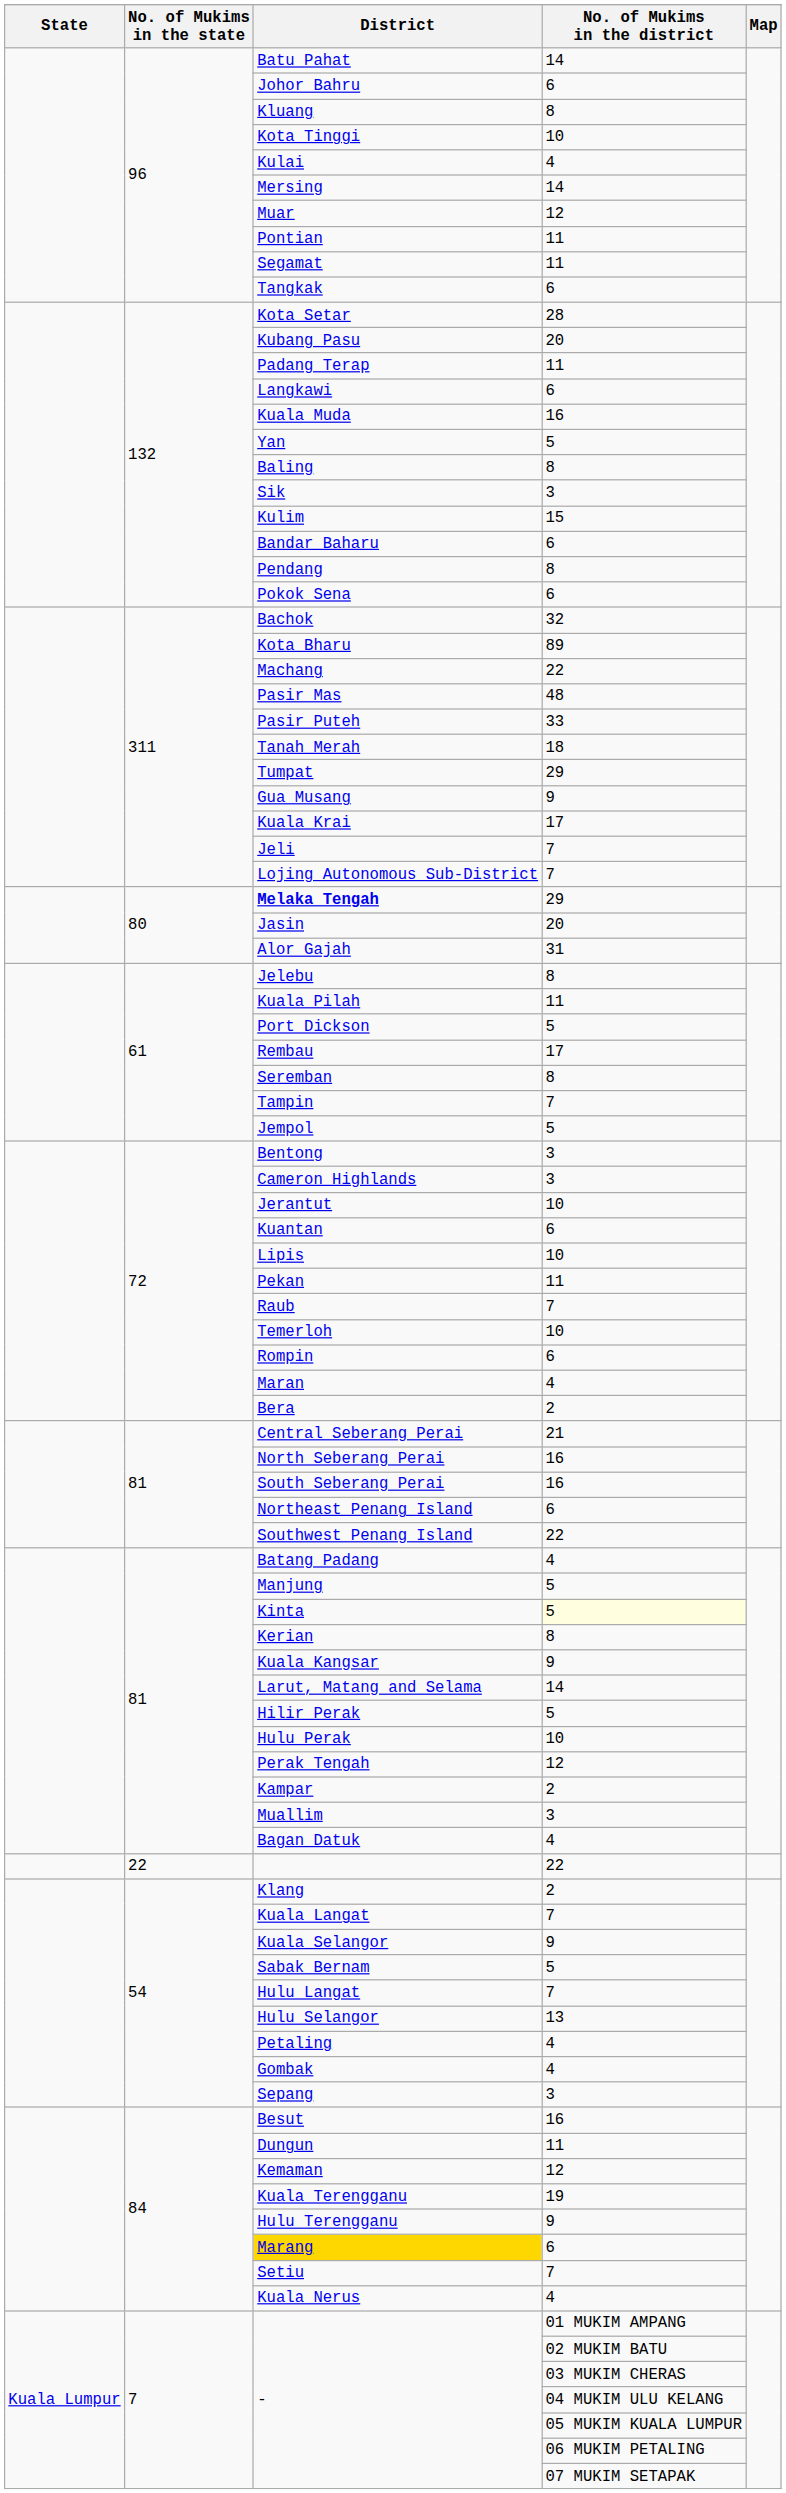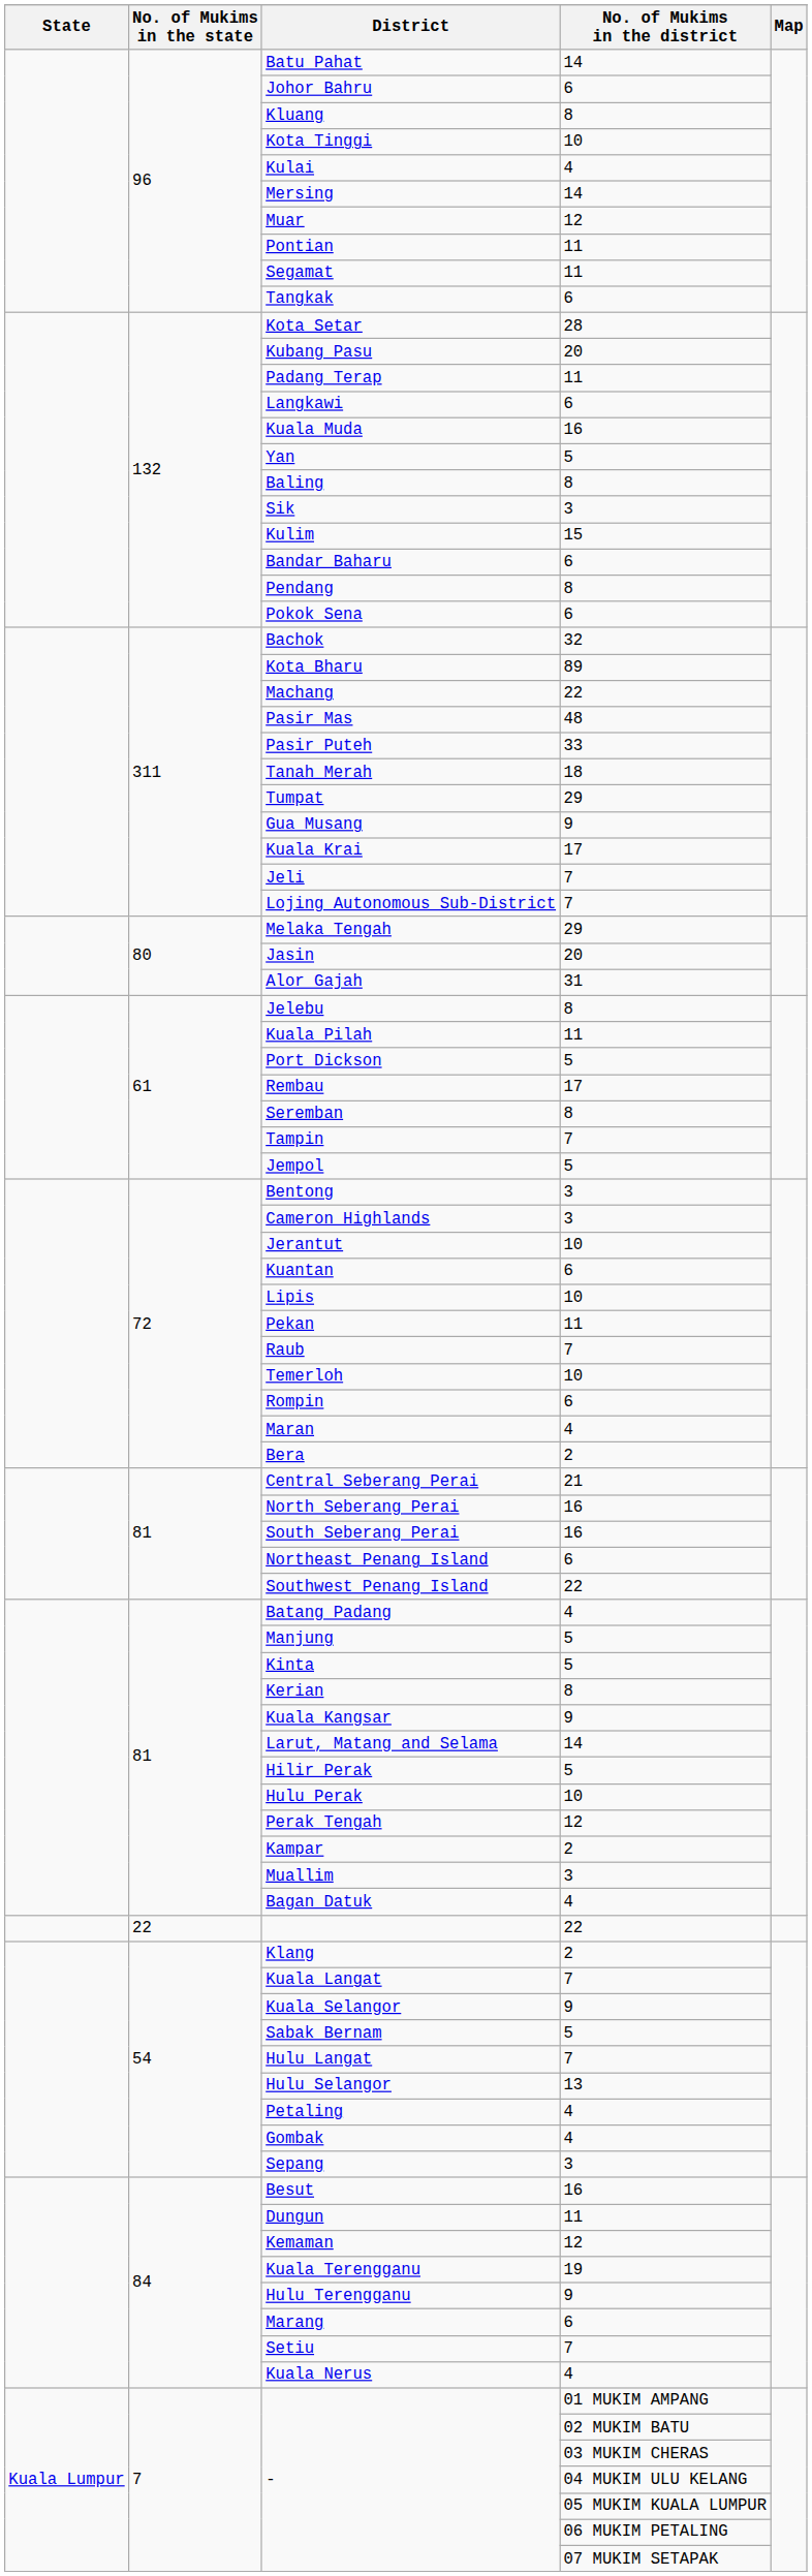 <table class="wikitable">
 <tr>
 </tr>
 <tr>
 <th>State</th>
 <th>No. of Mukims<br>in the state</th>
 <th>District</th>
 <th>No. of Mukims<br>in the district</th>
 <th>Map</th>
 </tr>
 <tr>
 <td rowspan="10"></td>
 <td rowspan="10">96</td>
 <td><a href='#'>Batu Pahat</a></td>
 <td>14</td>
 <td rowspan="10"></td>
 </tr>
 <tr>
 <td><a href='#'>Johor Bahru</a></td>
 <td>6</td>
 </tr>
 <tr>
 <td><a href='#'>Kluang</a></td>
 <td>8</td>
 </tr>
 <tr>
 <td><a href='#'>Kota Tinggi</a></td>
 <td>10</td>
 </tr>
 <tr>
 <td><a href='#'>Kulai</a></td>
 <td>4</td>
 </tr>
 <tr>
 <td><a href='#'>Mersing</a></td>
 <td>14</td>
 </tr>
 <tr>
 <td><a href='#'>Muar</a></td>
 <td>12</td>
 </tr>
 <tr>
 <td><a href='#'>Pontian</a></td>
 <td>11</td>
 </tr>
 <tr>
 <td><a href='#'>Segamat</a></td>
 <td>11</td>
 </tr>
 <tr>
 <td><a href='#'>Tangkak</a></td>
 <td>6</td>
 </tr>
 <tr>
 <td rowspan="12"></td>
 <td rowspan="12">132</td>
 <td><a href='#'>Kota Setar</a></td>
 <td>28</td>
 <td rowspan="12"></td>
 </tr>
 <tr>
 <td><a href='#'>Kubang Pasu</a></td>
 <td>20</td>
 </tr>
 <tr>
 <td><a href='#'>Padang Terap</a></td>
 <td>11</td>
 </tr>
 <tr>
 <td><a href='#'>Langkawi</a></td>
 <td>6</td>
 </tr>
 <tr>
 <td><a href='#'>Kuala Muda</a></td>
 <td>16</td>
 </tr>
 <tr>
 <td><a href='#'>Yan</a></td>
 <td>5</td>
 </tr>
 <tr>
 <td><a href='#'>Baling</a></td>
 <td>8</td>
 </tr>
 <tr>
 <td><a href='#'>Sik</a></td>
 <td>3</td>
 </tr>
 <tr>
 <td><a href='#'>Kulim</a></td>
 <td>15</td>
 </tr>
 <tr>
 <td><a href='#'>Bandar Baharu</a></td>
 <td>6</td>
 </tr>
 <tr>
 <td><a href='#'>Pendang</a></td>
 <td>8</td>
 </tr>
 <tr>
 <td><a href='#'>Pokok Sena</a></td>
 <td>6</td>
 </tr>
 <tr>
 <td rowspan="11"></td>
 <td rowspan="11">311</td>
 <td><a href='#'>Bachok</a></td>
 <td>32</td>
 <td rowspan="11"></td>
 </tr>
 <tr>
 <td><a href='#'>Kota Bharu</a></td>
 <td>89</td>
 </tr>
 <tr>
 <td><a href='#'>Machang</a></td>
 <td>22</td>
 </tr>
 <tr>
 <td><a href='#'>Pasir Mas</a></td>
 <td>48</td>
 </tr>
 <tr>
 <td><a href='#'>Pasir Puteh</a></td>
 <td>33</td>
 </tr>
 <tr>
 <td><a href='#'>Tanah Merah</a></td>
 <td>18</td>
 </tr>
 <tr>
 <td><a href='#'>Tumpat</a></td>
 <td>29</td>
 </tr>
 <tr>
 <td><a href='#'>Gua Musang</a></td>
 <td>9</td>
 </tr>
 <tr>
 <td><a href='#'>Kuala Krai</a></td>
 <td>17</td>
 </tr>
 <tr>
 <td><a href='#'>Jeli</a></td>
 <td>7</td>
 </tr>
 <tr>
 <td><a href='#'>Lojing Autonomous Sub-District</a></td>
 <td>7</td>
 </tr>
 <tr>
 <td rowspan="3"></td>
 <td rowspan="3">80</td>
-<td><strong><a href='#'>Melaka Tengah</a></strong></td>
+<td><a href='#'>Melaka Tengah</a></td>
 <td>29</td>
 <td rowspan="3"></td>
 </tr>
 <tr>
 <td><a href='#'>Jasin</a></td>
 <td>20</td>
 </tr>
 <tr>
 <td><a href='#'>Alor Gajah</a></td>
 <td>31</td>
 </tr>
 <tr>
 <td rowspan="7"></td>
 <td rowspan="7">61</td>
 <td><a href='#'>Jelebu</a></td>
 <td>8</td>
 <td rowspan="7"></td>
 </tr>
 <tr>
 <td><a href='#'>Kuala Pilah</a></td>
 <td>11</td>
 </tr>
 <tr>
 <td><a href='#'>Port Dickson</a></td>
 <td>5</td>
 </tr>
 <tr>
 <td><a href='#'>Rembau</a></td>
 <td>17</td>
 </tr>
 <tr>
 <td><a href='#'>Seremban</a></td>
 <td>8</td>
 </tr>
 <tr>
 <td><a href='#'>Tampin</a></td>
 <td>7</td>
 </tr>
 <tr>
 <td><a href='#'>Jempol</a></td>
 <td>5</td>
 </tr>
 <tr>
 <td rowspan="11"></td>
 <td rowspan="11">72</td>
 <td><a href='#'>Bentong</a></td>
 <td>3</td>
 <td rowspan="11"></td>
 </tr>
 <tr>
 <td><a href='#'>Cameron Highlands</a></td>
 <td>3</td>
 </tr>
 <tr>
 <td><a href='#'>Jerantut</a></td>
 <td>10</td>
 </tr>
 <tr>
 <td><a href='#'>Kuantan</a></td>
 <td>6</td>
 </tr>
 <tr>
 <td><a href='#'>Lipis</a></td>
 <td>10</td>
 </tr>
 <tr>
 <td><a href='#'>Pekan</a></td>
 <td>11</td>
 </tr>
 <tr>
 <td><a href='#'>Raub</a></td>
 <td>7</td>
 </tr>
 <tr>
 <td><a href='#'>Temerloh</a></td>
 <td>10</td>
 </tr>
 <tr>
 <td><a href='#'>Rompin</a></td>
 <td>6</td>
 </tr>
 <tr>
 <td><a href='#'>Maran</a></td>
 <td>4</td>
 </tr>
 <tr>
 <td><a href='#'>Bera</a></td>
 <td>2</td>
 </tr>
 <tr>
 <td rowspan="5"></td>
 <td rowspan="5">81</td>
 <td><a href='#'>Central Seberang Perai</a></td>
 <td>21</td>
 <td rowspan="5"></td>
 </tr>
 <tr>
 <td><a href='#'>North Seberang Perai</a></td>
 <td>16</td>
 </tr>
 <tr>
 <td><a href='#'>South Seberang Perai</a></td>
 <td>16</td>
 </tr>
 <tr>
 <td><a href='#'>Northeast Penang Island</a></td>
 <td>6</td>
 </tr>
 <tr>
 <td><a href='#'>Southwest Penang Island</a></td>
 <td>22</td>
 </tr>
 <tr>
 <td rowspan="12"></td>
 <td rowspan="12">81</td>
 <td><a href='#'>Batang Padang</a></td>
 <td>4</td>
 <td rowspan="12"></td>
 </tr>
 <tr>
 <td><a href='#'>Manjung</a></td>
 <td>5</td>
 </tr>
 <tr>
 <td><a href='#'>Kinta</a></td>
-<td style="background: lightyellow;">5</td>
+<td>5</td>
 </tr>
 <tr>
 <td><a href='#'>Kerian</a></td>
 <td>8</td>
 </tr>
 <tr>
 <td><a href='#'>Kuala Kangsar</a></td>
 <td>9</td>
 </tr>
 <tr>
 <td><a href='#'>Larut, Matang and Selama</a></td>
 <td>14</td>
 </tr>
 <tr>
 <td><a href='#'>Hilir Perak</a></td>
 <td>5</td>
 </tr>
 <tr>
 <td><a href='#'>Hulu Perak</a></td>
 <td>10</td>
 </tr>
 <tr>
 <td><a href='#'>Perak Tengah</a></td>
 <td>12</td>
 </tr>
 <tr>
 <td><a href='#'>Kampar</a></td>
 <td>2</td>
 </tr>
 <tr>
 <td><a href='#'>Muallim</a></td>
 <td>3</td>
 </tr>
 <tr>
 <td><a href='#'>Bagan Datuk</a></td>
 <td>4</td>
 </tr>
 <tr>
 <td></td>
 <td>22</td>
 <td></td>
 <td>22</td>
 <td></td>
 </tr>
 <tr>
 <td rowspan="9"></td>
 <td rowspan="9">54</td>
 <td><a href='#'>Klang</a></td>
 <td>2</td>
 <td rowspan="9"></td>
 </tr>
 <tr>
 <td><a href='#'>Kuala Langat</a></td>
 <td>7</td>
 </tr>
 <tr>
 <td><a href='#'>Kuala Selangor</a></td>
 <td>9</td>
 </tr>
 <tr>
 <td><a href='#'>Sabak Bernam</a></td>
 <td>5</td>
 </tr>
 <tr>
 <td><a href='#'>Hulu Langat</a></td>
 <td>7</td>
 </tr>
 <tr>
 <td><a href='#'>Hulu Selangor</a></td>
 <td>13</td>
 </tr>
 <tr>
 <td><a href='#'>Petaling</a></td>
 <td>4</td>
 </tr>
 <tr>
 <td><a href='#'>Gombak</a></td>
 <td>4</td>
 </tr>
 <tr>
 <td><a href='#'>Sepang</a></td>
 <td>3</td>
 </tr>
 <tr>
 <td rowspan="8"></td>
 <td rowspan="8">84</td>
 <td><a href='#'>Besut</a></td>
 <td>16</td>
 <td rowspan="8"></td>
 </tr>
 <tr>
 <td><a href='#'>Dungun</a></td>
 <td>11</td>
 </tr>
 <tr>
 <td><a href='#'>Kemaman</a></td>
 <td>12</td>
 </tr>
 <tr>
 <td><a href='#'>Kuala Terengganu</a></td>
 <td>19</td>
 </tr>
 <tr>
 <td><a href='#'>Hulu Terengganu</a></td>
 <td>9</td>
 </tr>
 <tr>
-<td style="background: gold;"><a href='#'>Marang</a></td>
+<td><a href='#'>Marang</a></td>
 <td>6</td>
 </tr>
 <tr>
 <td><a href='#'>Setiu</a></td>
 <td>7</td>
 </tr>
 <tr>
 <td><a href='#'>Kuala Nerus</a></td>
 <td>4</td>
 </tr>
 <tr>
 <td rowspan="7"> <a href='#'>Kuala Lumpur</a></td>
 <td rowspan="7">7</td>
 <td rowspan="7">-</td>
 <td>01 MUKIM AMPANG</td>
 <td rowspan="7"></td>
 </tr>
 <tr>
 <td>02 MUKIM BATU</td>
 </tr>
 <tr>
 <td>03 MUKIM CHERAS</td>
 </tr>
 <tr>
 <td>04 MUKIM ULU KELANG</td>
 </tr>
 <tr>
 <td>05 MUKIM KUALA LUMPUR</td>
 </tr>
 <tr>
 <td>06 MUKIM PETALING</td>
 </tr>
 <tr>
 <td>07 MUKIM SETAPAK</td>
 </tr>
 <tr>
 </tr>
 </table>
